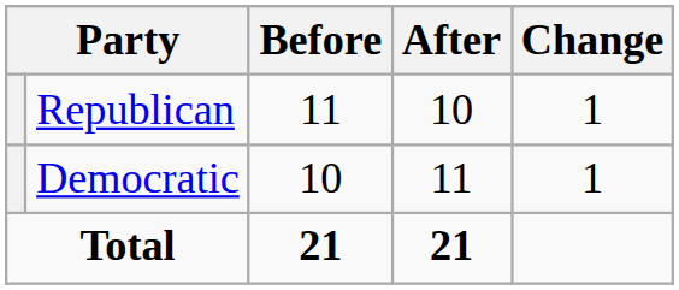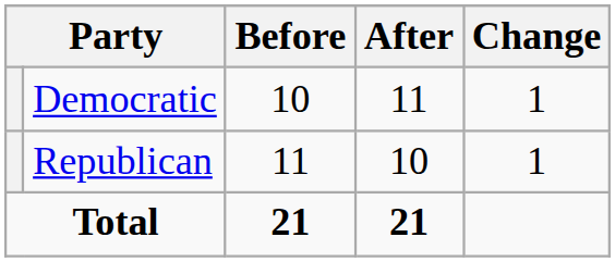 <table class="wikitable" style="text-align:center;">
 <tr>
 </tr>
 <tr>
 <th colspan=2>Party</th>
 <th>Before</th>
 <th>After</th>
 <th>Change</th>
 </tr>
 <tr>
 <th style="background-color:"></th>
-<td style="text-align:left;"><a href='#'>Republican</a></td>
+<td style="text-align:left;"><a href='#'>Democratic</a></td>
+<td>10</td>
 <td>11</td>
-<td>10</td>
 <td> 1</td>
 </tr>
 <tr>
 <th style="background-color:"></th>
-<td style="text-align:left;"><a href='#'>Democratic</a></td>
+<td style="text-align:left;"><a href='#'>Republican</a></td>
+<td>11</td>
 <td>10</td>
-<td>11</td>
 <td> 1</td>
 </tr>
 <tr>
 <td colspan=2><strong>Total</strong></td>
 <td><strong>21</strong></td>
 <td><strong>21</strong></td>
 <td></td>
 </tr>
 </table>
